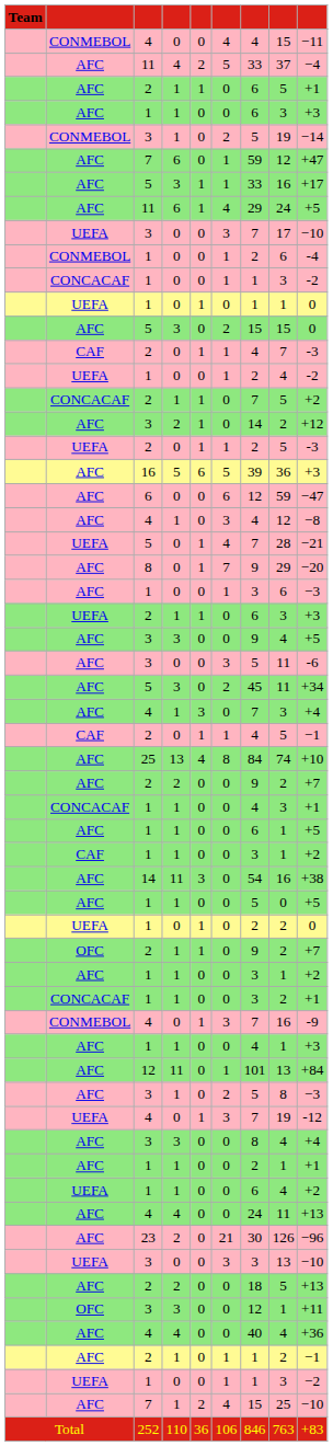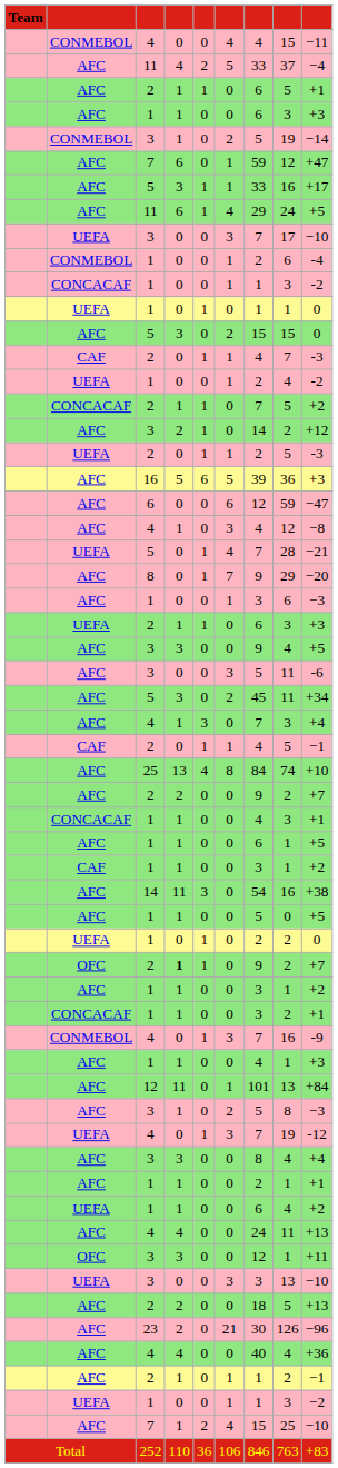 <table class="wikitable sortable" style="font-size:90%; text-align: center;">
 <tr>
 <th style="background-color:#DB2017;"><span>Team</span></th>
 <th style="background-color:#DB2017;"><span></span></th>
 <th style="background-color:#DB2017;"><span></span></th>
 <th style="background-color:#DB2017;"><span></span></th>
 <th style="background-color:#DB2017;"><span></span></th>
 <th style="background-color:#DB2017;"><span></span></th>
 <th style="background-color:#DB2017;"><span></span></th>
 <th style="background-color:#DB2017;"><span></span></th>
 <th style="background-color:#DB2017;"><span></span></th>
 </tr>
 <tr bgcolor="#d0ffd0" align="center">
 </tr>
 <tr style="background:#ffb5c1;">
 <td align="left"></td>
 <td><a href='#'>CONMEBOL</a></td>
 <td>4</td>
 <td>0</td>
 <td>0</td>
 <td>4</td>
 <td>4</td>
 <td>15</td>
 <td>−11</td>
 </tr>
 <tr style="background:#ffb5c1;">
 <td style="text-align:left;"></td>
 <td><a href='#'>AFC</a></td>
 <td>11</td>
 <td>4</td>
 <td>2</td>
 <td>5</td>
 <td>33</td>
 <td>37</td>
 <td>−4</td>
 </tr>
 <tr style="background:#8ee87f;">
 <td style="text-align:left;"></td>
 <td><a href='#'>AFC</a></td>
 <td>2</td>
 <td>1</td>
 <td>1</td>
 <td>0</td>
 <td>6</td>
 <td>5</td>
 <td>+1</td>
 </tr>
 <tr style="background:#8ee87f;">
 <td style="text-align:left;"></td>
 <td><a href='#'>AFC</a></td>
 <td>1</td>
 <td>1</td>
 <td>0</td>
 <td>0</td>
 <td>6</td>
 <td>3</td>
 <td>+3</td>
 </tr>
 <tr style="background:#ffb5c1;">
 <td style="text-align:left;"></td>
 <td><a href='#'>CONMEBOL</a></td>
 <td>3</td>
 <td>1</td>
 <td>0</td>
 <td>2</td>
 <td>5</td>
 <td>19</td>
 <td>−14</td>
 </tr>
 <tr style="background:#8ee87f;">
 <td style="text-align:left;"></td>
 <td><a href='#'>AFC</a></td>
 <td>7</td>
 <td>6</td>
 <td>0</td>
 <td>1</td>
 <td>59</td>
 <td>12</td>
 <td>+47</td>
 </tr>
 <tr style="background:#8ee87f;">
 <td style="text-align:left;"></td>
 <td><a href='#'>AFC</a></td>
 <td>5</td>
 <td>3</td>
 <td>1</td>
 <td>1</td>
 <td>33</td>
 <td>16</td>
 <td>+17</td>
 </tr>
 <tr style="background:#8ee87f;">
 <td style="text-align:left;"></td>
 <td><a href='#'>AFC</a></td>
 <td>11</td>
 <td>6</td>
 <td>1</td>
 <td>4</td>
 <td>29</td>
 <td>24</td>
 <td>+5</td>
 </tr>
 <tr style="background:#ffb5c1;">
 <td style="text-align:left;"></td>
 <td><a href='#'>UEFA</a></td>
 <td>3</td>
 <td>0</td>
 <td>0</td>
 <td>3</td>
 <td>7</td>
 <td>17</td>
 <td>−10</td>
 </tr>
 <tr style="background:#ffb5c1;">
 <td style="text-align:left;"></td>
 <td><a href='#'>CONMEBOL</a></td>
 <td>1</td>
 <td>0</td>
 <td>0</td>
 <td>1</td>
 <td>2</td>
 <td>6</td>
 <td>-4</td>
 </tr>
 <tr style="background:#ffb5c1;">
 <td style="text-align:left;"></td>
 <td><a href='#'>CONCACAF</a></td>
 <td>1</td>
 <td>0</td>
 <td>0</td>
 <td>1</td>
 <td>1</td>
 <td>3</td>
 <td>-2</td>
 </tr>
 <tr style="background:#fffb94;">
 <td style="text-align:left;"></td>
 <td><a href='#'>UEFA</a></td>
 <td>1</td>
 <td>0</td>
 <td>1</td>
 <td>0</td>
 <td>1</td>
 <td>1</td>
 <td>0</td>
 </tr>
 <tr style="background:#8ee87f;">
 <td style="text-align:left;"></td>
 <td><a href='#'>AFC</a></td>
 <td>5</td>
 <td>3</td>
 <td>0</td>
 <td>2</td>
 <td>15</td>
 <td>15</td>
 <td>0</td>
 </tr>
 <tr style="background:#ffb5c1;">
 <td style="text-align:left;"></td>
 <td><a href='#'>CAF</a></td>
 <td>2</td>
 <td>0</td>
 <td>1</td>
 <td>1</td>
 <td>4</td>
 <td>7</td>
 <td>-3</td>
 </tr>
 <tr style="background:#ffb5c1;">
 <td style="text-align:left;"></td>
 <td><a href='#'>UEFA</a></td>
 <td>1</td>
 <td>0</td>
 <td>0</td>
 <td>1</td>
 <td>2</td>
 <td>4</td>
 <td>-2</td>
 </tr>
 <tr style="background:#8ee87f;">
 <td style="text-align:left;"></td>
 <td><a href='#'>CONCACAF</a></td>
 <td>2</td>
 <td>1</td>
 <td>1</td>
 <td>0</td>
 <td>7</td>
 <td>5</td>
 <td>+2</td>
 </tr>
 <tr style="background:#8ee87f;">
 <td style="text-align:left;"></td>
 <td><a href='#'>AFC</a></td>
 <td>3</td>
 <td>2</td>
 <td>1</td>
 <td>0</td>
 <td>14</td>
 <td>2</td>
 <td>+12</td>
 </tr>
 <tr style="background:#ffb5c1;">
 <td style="text-align:left;"></td>
 <td><a href='#'>UEFA</a></td>
 <td>2</td>
 <td>0</td>
 <td>1</td>
 <td>1</td>
 <td>2</td>
 <td>5</td>
 <td>-3</td>
 </tr>
 <tr style="background:#fffb94;">
 <td style="text-align:left;"></td>
 <td><a href='#'>AFC</a></td>
 <td>16</td>
 <td>5</td>
 <td>6</td>
 <td>5</td>
 <td>39</td>
 <td>36</td>
 <td>+3</td>
 </tr>
 <tr style="background:#ffb5c1;">
 <td style="text-align:left;"></td>
 <td><a href='#'>AFC</a></td>
 <td>6</td>
 <td>0</td>
 <td>0</td>
 <td>6</td>
 <td>12</td>
 <td>59</td>
 <td>−47</td>
 </tr>
 <tr style="background:#ffb5c1;">
 <td style="text-align:left;"></td>
 <td><a href='#'>AFC</a></td>
 <td>4</td>
 <td>1</td>
 <td>0</td>
 <td>3</td>
 <td>4</td>
 <td>12</td>
 <td>−8</td>
 </tr>
 <tr style="background:#ffb5c1;">
 <td style="text-align:left;"></td>
 <td><a href='#'>UEFA</a></td>
 <td>5</td>
 <td>0</td>
 <td>1</td>
 <td>4</td>
 <td>7</td>
 <td>28</td>
 <td>−21</td>
 </tr>
 <tr style="background:#ffb5c1;">
 <td style="text-align:left;"></td>
 <td><a href='#'>AFC</a></td>
 <td>8</td>
 <td>0</td>
 <td>1</td>
 <td>7</td>
 <td>9</td>
 <td>29</td>
 <td>−20</td>
 </tr>
 <tr style="background:#ffb5c1;">
 <td style="text-align:left;"></td>
 <td><a href='#'>AFC</a></td>
 <td>1</td>
 <td>0</td>
 <td>0</td>
 <td>1</td>
 <td>3</td>
 <td>6</td>
 <td>−3</td>
 </tr>
 <tr style="background:#8ee87f;">
 <td style="text-align:left;"></td>
 <td><a href='#'>UEFA</a></td>
 <td>2</td>
 <td>1</td>
 <td>1</td>
 <td>0</td>
 <td>6</td>
 <td>3</td>
 <td>+3</td>
 </tr>
 <tr style="background:#8ee87f;">
 <td style="text-align:left;"></td>
 <td><a href='#'>AFC</a></td>
 <td>3</td>
 <td>3</td>
 <td>0</td>
 <td>0</td>
 <td>9</td>
 <td>4</td>
 <td>+5</td>
 </tr>
 <tr style="background:#ffb5c1;">
 <td style="text-align:left;"></td>
 <td><a href='#'>AFC</a></td>
 <td>3</td>
 <td>0</td>
 <td>0</td>
 <td>3</td>
 <td>5</td>
 <td>11</td>
 <td>-6</td>
 </tr>
 <tr style="background:#8ee87f;">
 <td style="text-align:left;"></td>
 <td><a href='#'>AFC</a></td>
 <td>5</td>
 <td>3</td>
 <td>0</td>
 <td>2</td>
 <td>45</td>
 <td>11</td>
 <td>+34</td>
 </tr>
 <tr style="background:#8ee87f;">
 <td style="text-align:left;"></td>
 <td><a href='#'>AFC</a></td>
 <td>4</td>
 <td>1</td>
 <td>3</td>
 <td>0</td>
 <td>7</td>
 <td>3</td>
 <td>+4</td>
 </tr>
 <tr style="background:#ffb5c1;">
 <td style="text-align:left;"></td>
 <td><a href='#'>CAF</a></td>
 <td>2</td>
 <td>0</td>
 <td>1</td>
 <td>1</td>
 <td>4</td>
 <td>5</td>
 <td>−1</td>
 </tr>
 <tr style="background:#8ee87f;">
 <td style="text-align:left;"></td>
 <td><a href='#'>AFC</a></td>
 <td>25</td>
 <td>13</td>
 <td>4</td>
 <td>8</td>
 <td>84</td>
 <td>74</td>
 <td>+10</td>
 </tr>
 <tr style="background:#8ee87f;">
 <td style="text-align:left;"></td>
 <td><a href='#'>AFC</a></td>
 <td>2</td>
 <td>2</td>
 <td>0</td>
 <td>0</td>
 <td>9</td>
 <td>2</td>
 <td>+7</td>
 </tr>
 <tr style="background:#8ee87f;">
 <td style="text-align:left;"></td>
 <td><a href='#'>CONCACAF</a></td>
 <td>1</td>
 <td>1</td>
 <td>0</td>
 <td>0</td>
 <td>4</td>
 <td>3</td>
 <td>+1</td>
 </tr>
 <tr style="background:#8ee87f;">
 <td style="text-align:left;"></td>
 <td><a href='#'>AFC</a></td>
 <td>1</td>
 <td>1</td>
 <td>0</td>
 <td>0</td>
 <td>6</td>
 <td>1</td>
 <td>+5</td>
 </tr>
 <tr style="background:#8ee87f;">
 <td style="text-align:left;"></td>
 <td><a href='#'>CAF</a></td>
 <td>1</td>
 <td>1</td>
 <td>0</td>
 <td>0</td>
 <td>3</td>
 <td>1</td>
 <td>+2</td>
 </tr>
 <tr style="background:#8ee87f;">
 <td style="text-align:left;"></td>
 <td><a href='#'>AFC</a></td>
 <td>14</td>
 <td>11</td>
 <td>3</td>
 <td>0</td>
 <td>54</td>
 <td>16</td>
 <td>+38</td>
 </tr>
 <tr style="background:#8ee87f;">
 <td style="text-align:left;"></td>
 <td><a href='#'>AFC</a></td>
 <td>1</td>
 <td>1</td>
 <td>0</td>
 <td>0</td>
 <td>5</td>
 <td>0</td>
 <td>+5</td>
 </tr>
 <tr style="background:#fffb94;">
 <td style="text-align:left;"></td>
 <td><a href='#'>UEFA</a></td>
 <td>1</td>
 <td>0</td>
 <td>1</td>
 <td>0</td>
 <td>2</td>
 <td>2</td>
 <td>0</td>
 </tr>
 <tr style="background:#8ee87f;">
 <td style="text-align:left;"></td>
 <td><a href='#'>OFC</a></td>
 <td>2</td>
-<td>1</td>
+<td><strong>1</strong></td>
 <td>1</td>
 <td>0</td>
 <td>9</td>
 <td>2</td>
 <td>+7</td>
 </tr>
 <tr style="background:#8ee87f;">
 <td style="text-align:left;"></td>
 <td><a href='#'>AFC</a></td>
 <td>1</td>
 <td>1</td>
 <td>0</td>
 <td>0</td>
 <td>3</td>
 <td>1</td>
 <td>+2</td>
 </tr>
 <tr style="background:#8ee87f;">
 <td style="text-align:left;"></td>
 <td><a href='#'>CONCACAF</a></td>
 <td>1</td>
 <td>1</td>
 <td>0</td>
 <td>0</td>
 <td>3</td>
 <td>2</td>
 <td>+1</td>
 </tr>
 <tr style="background:#ffb5c1;">
 <td style="text-align:left;"></td>
 <td><a href='#'>CONMEBOL</a></td>
 <td>4</td>
 <td>0</td>
 <td>1</td>
 <td>3</td>
 <td>7</td>
 <td>16</td>
 <td>-9</td>
 </tr>
 <tr style="background:#8ee87f;">
 <td style="text-align:left;"></td>
 <td><a href='#'>AFC</a></td>
 <td>1</td>
 <td>1</td>
 <td>0</td>
 <td>0</td>
 <td>4</td>
 <td>1</td>
 <td>+3</td>
 </tr>
 <tr style="background:#8ee87f;">
 <td style="text-align:left;"></td>
 <td><a href='#'>AFC</a></td>
 <td>12</td>
 <td>11</td>
 <td>0</td>
 <td>1</td>
 <td>101</td>
 <td>13</td>
 <td>+84</td>
 </tr>
 <tr style="background:#ffb5c1;">
 <td style="text-align:left;"></td>
 <td><a href='#'>AFC</a></td>
 <td>3</td>
 <td>1</td>
 <td>0</td>
 <td>2</td>
 <td>5</td>
 <td>8</td>
 <td>−3</td>
 </tr>
 <tr style="background:#ffb5c1;">
 <td style="text-align:left;"></td>
 <td><a href='#'>UEFA</a></td>
 <td>4</td>
 <td>0</td>
 <td>1</td>
 <td>3</td>
 <td>7</td>
 <td>19</td>
 <td>-12</td>
 </tr>
 <tr style="background:#8ee87f;">
 <td style="text-align:left;"></td>
 <td><a href='#'>AFC</a></td>
 <td>3</td>
 <td>3</td>
 <td>0</td>
 <td>0</td>
 <td>8</td>
 <td>4</td>
 <td>+4</td>
 </tr>
 <tr style="background:#8ee87f;">
 <td style="text-align:left;"></td>
 <td><a href='#'>AFC</a></td>
 <td>1</td>
 <td>1</td>
 <td>0</td>
 <td>0</td>
 <td>2</td>
 <td>1</td>
 <td>+1</td>
 </tr>
 <tr style="background:#8ee87f;">
 <td style="text-align:left;"></td>
 <td><a href='#'>UEFA</a></td>
 <td>1</td>
 <td>1</td>
 <td>0</td>
 <td>0</td>
 <td>6</td>
 <td>4</td>
 <td>+2</td>
 </tr>
 <tr style="background:#8ee87f;">
 <td style="text-align:left;"></td>
 <td><a href='#'>AFC</a></td>
 <td>4</td>
 <td>4</td>
 <td>0</td>
 <td>0</td>
 <td>24</td>
 <td>11</td>
 <td>+13</td>
 </tr>
-<tr style="background:#ffb5c1;">
+<tr style="background:#8ee87f;">
 <td style="text-align:left;"></td>
-<td><a href='#'>AFC</a></td>
-<td>23</td>
-<td>2</td>
+<td><a href='#'>OFC</a></td>
+<td>3</td>
+<td>3</td>
 <td>0</td>
-<td>21</td>
-<td>30</td>
-<td>126</td>
-<td>−96</td>
+<td>0</td>
+<td>12</td>
+<td>1</td>
+<td>+11</td>
 </tr>
 <tr style="background:#ffb5c1;">
 <td style="text-align:left;"></td>
 <td><a href='#'>UEFA</a></td>
 <td>3</td>
 <td>0</td>
 <td>0</td>
 <td>3</td>
 <td>3</td>
 <td>13</td>
 <td>−10</td>
 </tr>
 <tr style="background:#8ee87f;">
 <td style="text-align:left;"></td>
 <td><a href='#'>AFC</a></td>
 <td>2</td>
 <td>2</td>
 <td>0</td>
 <td>0</td>
 <td>18</td>
 <td>5</td>
 <td>+13</td>
 </tr>
-<tr style="background:#8ee87f;">
+<tr style="background:#ffb5c1;">
 <td style="text-align:left;"></td>
-<td><a href='#'>OFC</a></td>
-<td>3</td>
-<td>3</td>
+<td><a href='#'>AFC</a></td>
+<td>23</td>
+<td>2</td>
 <td>0</td>
-<td>0</td>
-<td>12</td>
-<td>1</td>
-<td>+11</td>
+<td>21</td>
+<td>30</td>
+<td>126</td>
+<td>−96</td>
 </tr>
 <tr style="background:#8ee87f;">
 <td style="text-align:left;"></td>
 <td><a href='#'>AFC</a></td>
 <td>4</td>
 <td>4</td>
 <td>0</td>
 <td>0</td>
 <td>40</td>
 <td>4</td>
 <td>+36</td>
 </tr>
 <tr style="background:#fffb94;">
 <td style="text-align:left;"></td>
 <td><a href='#'>AFC</a></td>
 <td>2</td>
 <td>1</td>
 <td>0</td>
 <td>1</td>
 <td>1</td>
 <td>2</td>
 <td>−1</td>
 </tr>
 <tr style="background:#ffb5c1;">
 <td style="text-align:left;"></td>
 <td><a href='#'>UEFA</a></td>
 <td>1</td>
 <td>0</td>
 <td>0</td>
 <td>1</td>
 <td>1</td>
 <td>3</td>
 <td>−2</td>
 </tr>
 <tr style="background:#ffb5c1;">
 <td style="text-align:left;"></td>
 <td><a href='#'>AFC</a></td>
 <td>7</td>
 <td>1</td>
 <td>2</td>
 <td>4</td>
 <td>15</td>
 <td>25</td>
 <td>−10</td>
 </tr>
 <tr>
 <td colspan=2 style="background: #DB2017; color: #FFFF00;">Total</td>
 <td style="background: #DB2017; color: #FFFF00;">252</td>
 <td style="background: #DB2017; color: #FFFF00;">110</td>
 <td style="background: #DB2017; color: #FFFF00;">36</td>
 <td style="background: #DB2017; color: #FFFF00;">106</td>
 <td style="background: #DB2017; color: #FFFF00;">846</td>
 <td style="background: #DB2017; color: #FFFF00;">763</td>
 <td style="background: #DB2017; color: #FFFF00;">+83</td>
 </tr>
 </table>
